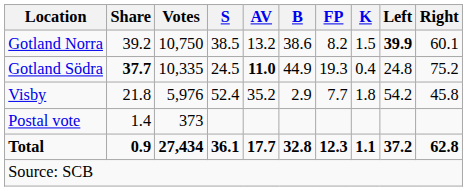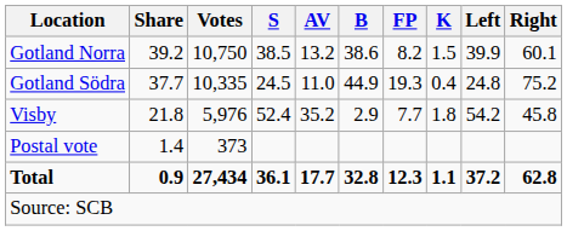 <table class="wikitable sortable" style=text-align:right>
 <tr>
 <th>Location</th>
 <th>Share</th>
 <th>Votes</th>
 <th><a href='#'>S</a></th>
 <th><a href='#'>AV</a></th>
 <th><a href='#'>B</a></th>
 <th><a href='#'>FP</a></th>
 <th><a href='#'>K</a></th>
 <th>Left</th>
 <th>Right</th>
 </tr>
 <tr>
 <td align=left><a href='#'>Gotland Norra</a></td>
 <td>39.2</td>
 <td>10,750</td>
 <td>38.5</td>
 <td>13.2</td>
 <td>38.6</td>
 <td>8.2</td>
 <td>1.5</td>
-<td><strong>39.9</strong></td>
+<td>39.9</td>
 <td>60.1</td>
 </tr>
 <tr>
 <td align=left><a href='#'>Gotland Södra</a></td>
-<td><strong>37.7</strong></td>
+<td>37.7</td>
 <td>10,335</td>
 <td>24.5</td>
-<td><strong>11.0</strong></td>
+<td>11.0</td>
 <td>44.9</td>
 <td>19.3</td>
 <td>0.4</td>
 <td>24.8</td>
 <td>75.2</td>
 </tr>
 <tr>
 <td align=left><a href='#'>Visby</a></td>
 <td>21.8</td>
 <td>5,976</td>
 <td>52.4</td>
 <td>35.2</td>
 <td>2.9</td>
 <td>7.7</td>
 <td>1.8</td>
 <td>54.2</td>
 <td>45.8</td>
 </tr>
 <tr>
 <td align=left><a href='#'>Postal vote</a></td>
 <td>1.4</td>
 <td>373</td>
 <td></td>
 <td></td>
 <td></td>
 <td></td>
 <td></td>
 <td></td>
 <td></td>
 </tr>
 <tr>
 <td align=left><strong>Total</strong></td>
 <td><strong>0.9</strong></td>
 <td><strong>27,434</strong></td>
 <td><strong>36.1</strong></td>
 <td><strong>17.7</strong></td>
 <td><strong>32.8</strong></td>
 <td><strong>12.3</strong></td>
 <td><strong>1.1</strong></td>
 <td><strong>37.2</strong></td>
 <td><strong>62.8</strong></td>
 </tr>
 <tr>
 <td align=left colspan=10>Source: SCB </td>
 </tr>
 </table>
